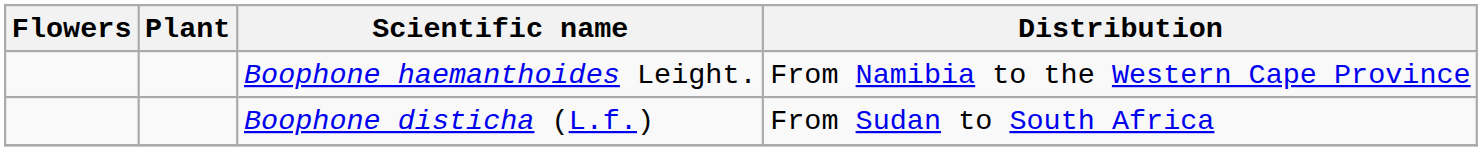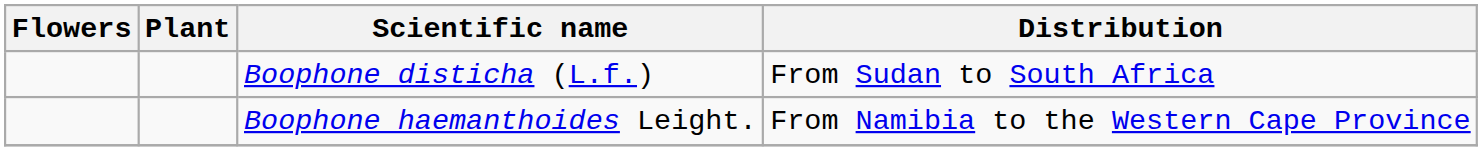 <table class="wikitable">
 <tr>
 <th>Flowers</th>
 <th>Plant</th>
 <th>Scientific name</th>
 <th>Distribution</th>
 </tr>
 <tr>
 <td></td>
 <td></td>
+<td><em><a href='#'>Boophone disticha</a></em> (<a href='#'>L.f.</a>) </td>
+<td>From <a href='#'>Sudan</a> to <a href='#'>South Africa</a></td>
+</tr>
+<tr>
+<td></td>
+<td></td>
 <td><em><a href='#'>Boophone haemanthoides</a></em> Leight.</td>
 <td>From <a href='#'>Namibia</a> to the <a href='#'>Western Cape Province</a></td>
 </tr>
 <tr>
-<td></td>
-<td></td>
-<td><em><a href='#'>Boophone disticha</a></em> (<a href='#'>L.f.</a>) </td>
-<td>From <a href='#'>Sudan</a> to <a href='#'>South Africa</a></td>
-</tr>
-<tr>
 </tr>
 </table>
